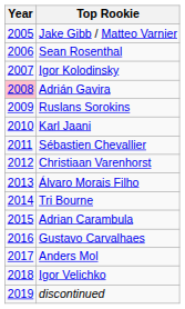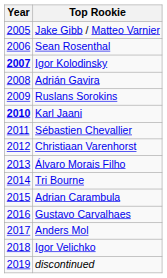 <table class="wikitable sortable" style="display:inline-table;">
 <tr>
 <th>Year</th>
 <th>Top Rookie</th>
 </tr>
 <tr>
 <td><a href='#'>2005</a></td>
 <td> <a href='#'>Jake Gibb</a> /  <a href='#'>Matteo Varnier</a></td>
 </tr>
 <tr>
 <td><a href='#'>2006</a></td>
 <td> <a href='#'>Sean Rosenthal</a></td>
 </tr>
 <tr>
-<td><a href='#'>2007</a></td>
+<td><strong><a href='#'>2007</a></strong></td>
 <td> <a href='#'>Igor Kolodinsky</a></td>
 </tr>
 <tr>
-<td style="background: pink;"><a href='#'>2008</a></td>
+<td><a href='#'>2008</a></td>
 <td> <a href='#'>Adrián Gavira</a></td>
 </tr>
 <tr>
 <td><a href='#'>2009</a></td>
 <td> <a href='#'>Ruslans Sorokins</a></td>
 </tr>
 <tr>
-<td><a href='#'>2010</a></td>
+<td><strong><a href='#'>2010</a></strong></td>
 <td> <a href='#'>Karl Jaani</a></td>
 </tr>
 <tr>
 <td><a href='#'>2011</a></td>
 <td> <a href='#'>Sébastien Chevallier</a></td>
 </tr>
 <tr>
 <td><a href='#'>2012</a></td>
 <td> <a href='#'>Christiaan Varenhorst</a></td>
 </tr>
 <tr>
 <td><a href='#'>2013</a></td>
 <td> <a href='#'>Álvaro Morais Filho</a></td>
 </tr>
 <tr>
 <td><a href='#'>2014</a></td>
 <td> <a href='#'>Tri Bourne</a></td>
 </tr>
 <tr>
 <td><a href='#'>2015</a></td>
 <td> <a href='#'>Adrian Carambula</a></td>
 </tr>
 <tr>
 <td><a href='#'>2016</a></td>
 <td> <a href='#'>Gustavo Carvalhaes</a></td>
 </tr>
 <tr>
 <td><a href='#'>2017</a></td>
 <td> <a href='#'>Anders Mol</a></td>
 </tr>
 <tr>
 <td><a href='#'>2018</a></td>
 <td> <a href='#'>Igor Velichko</a></td>
 </tr>
 <tr>
 <td><a href='#'>2019</a></td>
 <td><em>discontinued</em></td>
 </tr>
 </table>
